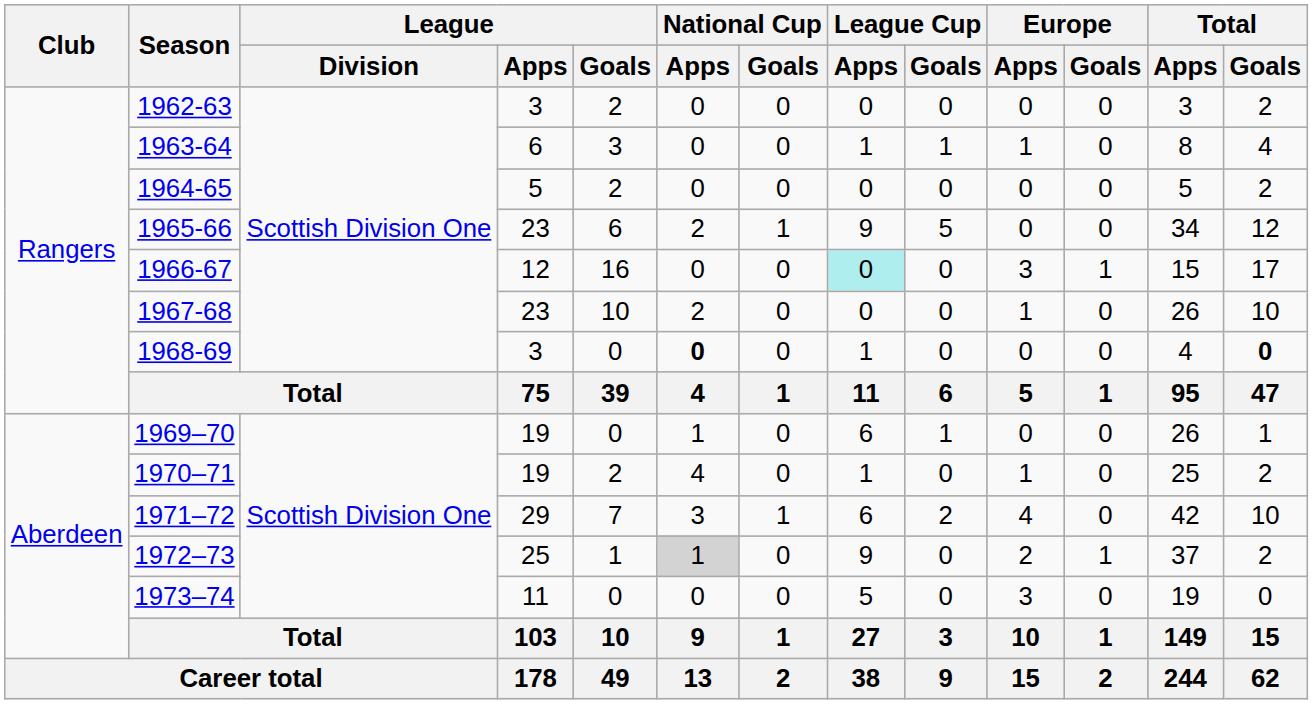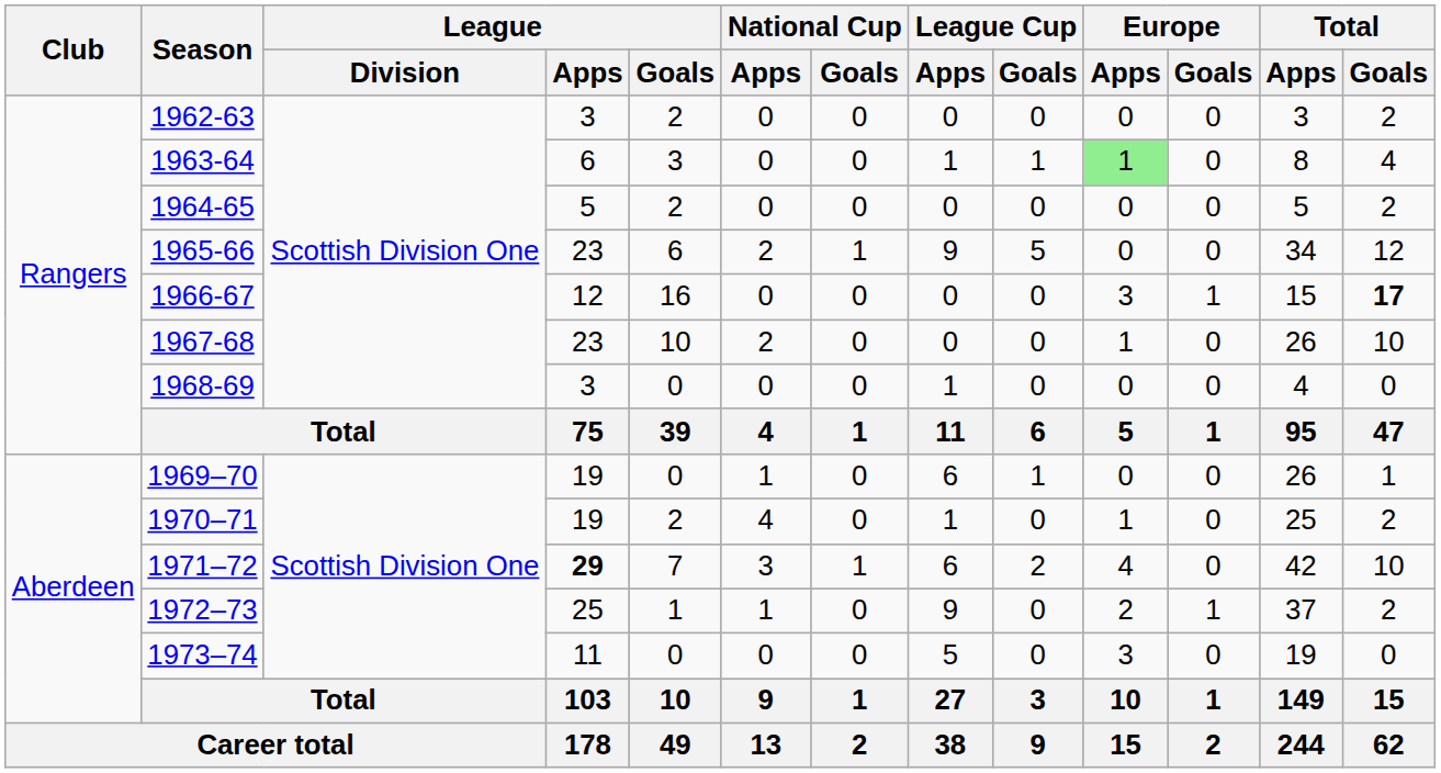 <table class="wikitable" style="text-align:center">
 <tr>
 <th rowspan="2">Club</th>
 <th rowspan="2">Season</th>
 <th colspan="3">League</th>
 <th colspan="2">National Cup</th>
 <th colspan="2">League Cup</th>
 <th colspan="2">Europe</th>
 <th colspan="2">Total</th>
 </tr>
 <tr>
 <th>Division</th>
 <th>Apps</th>
 <th>Goals</th>
 <th>Apps</th>
 <th>Goals</th>
 <th>Apps</th>
 <th>Goals</th>
 <th>Apps</th>
 <th>Goals</th>
 <th>Apps</th>
 <th>Goals</th>
 </tr>
 <tr>
 <td rowspan="8"><a href='#'>Rangers</a></td>
 <td><a href='#'>1962-63</a></td>
 <td rowspan="7"><a href='#'>Scottish Division One</a></td>
 <td>3</td>
 <td>2</td>
 <td>0</td>
 <td>0</td>
 <td>0</td>
 <td>0</td>
 <td>0</td>
 <td>0</td>
 <td>3</td>
 <td>2</td>
 </tr>
 <tr>
 <td><a href='#'>1963-64</a></td>
 <td>6</td>
 <td>3</td>
 <td>0</td>
 <td>0</td>
 <td>1</td>
 <td>1</td>
-<td>1</td>
+<td style="background: lightgreen;">1</td>
 <td>0</td>
 <td>8</td>
 <td>4</td>
 </tr>
 <tr>
 <td><a href='#'>1964-65</a></td>
 <td>5</td>
 <td>2</td>
 <td>0</td>
 <td>0</td>
 <td>0</td>
 <td>0</td>
 <td>0</td>
 <td>0</td>
 <td>5</td>
 <td>2</td>
 </tr>
 <tr>
 <td><a href='#'>1965-66</a></td>
 <td>23</td>
 <td>6</td>
 <td>2</td>
 <td>1</td>
 <td>9</td>
 <td>5</td>
 <td>0</td>
 <td>0</td>
 <td>34</td>
 <td>12</td>
 </tr>
 <tr>
 <td><a href='#'>1966-67</a></td>
 <td>12</td>
 <td>16</td>
 <td>0</td>
 <td>0</td>
-<td style="background: paleturquoise;">0</td>
+<td>0</td>
 <td>0</td>
 <td>3</td>
 <td>1</td>
 <td>15</td>
-<td>17</td>
+<td><strong>17</strong></td>
 </tr>
 <tr>
 <td><a href='#'>1967-68</a></td>
 <td>23</td>
 <td>10</td>
 <td>2</td>
 <td>0</td>
 <td>0</td>
 <td>0</td>
 <td>1</td>
 <td>0</td>
 <td>26</td>
 <td>10</td>
 </tr>
 <tr>
 <td><a href='#'>1968-69</a></td>
 <td>3</td>
 <td>0</td>
-<td><strong>0</strong></td>
+<td>0</td>
 <td>0</td>
 <td>1</td>
 <td>0</td>
 <td>0</td>
 <td>0</td>
 <td>4</td>
-<td><strong>0</strong></td>
+<td>0</td>
 </tr>
 <tr>
 <th colspan="2">Total</th>
 <th>75</th>
 <th>39</th>
 <th>4</th>
 <th>1</th>
 <th>11</th>
 <th>6</th>
 <th>5</th>
 <th>1</th>
 <th>95</th>
 <th>47</th>
 </tr>
 <tr>
 <td rowspan="6"><a href='#'>Aberdeen</a></td>
 <td><a href='#'>1969–70</a></td>
 <td rowspan="5"><a href='#'>Scottish Division One</a></td>
 <td>19</td>
 <td>0</td>
 <td>1</td>
 <td>0</td>
 <td>6</td>
 <td>1</td>
 <td>0</td>
 <td>0</td>
 <td>26</td>
 <td>1</td>
 </tr>
 <tr>
 <td><a href='#'>1970–71</a></td>
 <td>19</td>
 <td>2</td>
 <td>4</td>
 <td>0</td>
 <td>1</td>
 <td>0</td>
 <td>1</td>
 <td>0</td>
 <td>25</td>
 <td>2</td>
 </tr>
 <tr>
 <td><a href='#'>1971–72</a></td>
-<td>29</td>
+<td><strong>29</strong></td>
 <td>7</td>
 <td>3</td>
 <td>1</td>
 <td>6</td>
 <td>2</td>
 <td>4</td>
 <td>0</td>
 <td>42</td>
 <td>10</td>
 </tr>
 <tr>
 <td><a href='#'>1972–73</a></td>
 <td>25</td>
 <td>1</td>
-<td style="background: lightgrey;">1</td>
+<td>1</td>
 <td>0</td>
 <td>9</td>
 <td>0</td>
 <td>2</td>
 <td>1</td>
 <td>37</td>
 <td>2</td>
 </tr>
 <tr>
 <td><a href='#'>1973–74</a></td>
 <td>11</td>
 <td>0</td>
 <td>0</td>
 <td>0</td>
 <td>5</td>
 <td>0</td>
 <td>3</td>
 <td>0</td>
 <td>19</td>
 <td>0</td>
 </tr>
 <tr>
 <th colspan="2">Total</th>
 <th>103</th>
 <th>10</th>
 <th>9</th>
 <th>1</th>
 <th>27</th>
 <th>3</th>
 <th>10</th>
 <th>1</th>
 <th>149</th>
 <th>15</th>
 </tr>
 <tr>
 <th colspan="3">Career total</th>
 <th>178</th>
 <th>49</th>
 <th>13</th>
 <th>2</th>
 <th>38</th>
 <th>9</th>
 <th>15</th>
 <th>2</th>
 <th>244</th>
 <th>62</th>
 </tr>
 </table>
